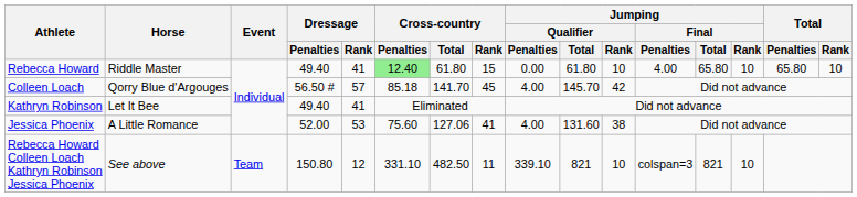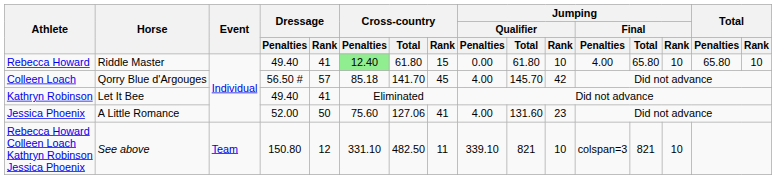 <table class=wikitable style="font-size:90%">
 <tr>
 <th rowspan="3">Athlete</th>
 <th rowspan="3">Horse</th>
 <th rowspan="3">Event</th>
 <th colspan="2" rowspan="2">Dressage</th>
 <th colspan="3" rowspan="2">Cross-country</th>
 <th colspan="6">Jumping</th>
 <th colspan="2" rowspan="2">Total</th>
 </tr>
 <tr style="font-size:95%">
 <th colspan="3">Qualifier</th>
 <th colspan="3">Final</th>
 </tr>
 <tr style="font-size:95%">
 <th>Penalties</th>
 <th>Rank</th>
 <th>Penalties</th>
 <th>Total</th>
 <th>Rank</th>
 <th>Penalties</th>
 <th>Total</th>
 <th>Rank</th>
 <th>Penalties</th>
 <th>Total</th>
 <th>Rank</th>
 <th>Penalties</th>
 <th>Rank</th>
 </tr>
 <tr align=center>
 <td align=left><a href='#'>Rebecca Howard</a></td>
 <td align=left>Riddle Master</td>
 <td align=left rowspan=4><a href='#'>Individual</a></td>
 <td>49.40</td>
 <td>41</td>
 <td style="background: lightgreen;">12.40</td>
 <td>61.80</td>
 <td>15</td>
 <td>0.00</td>
 <td>61.80</td>
 <td>10</td>
 <td>4.00</td>
 <td>65.80</td>
 <td>10</td>
 <td>65.80</td>
 <td>10</td>
 </tr>
 <tr align=center>
 <td align=left><a href='#'>Colleen Loach</a></td>
 <td align=left>Qorry Blue d'Argouges</td>
 <td>56.50 #</td>
 <td>57</td>
 <td>85.18</td>
 <td>141.70</td>
 <td>45</td>
 <td>4.00</td>
 <td>145.70</td>
 <td>42</td>
 <td colspan=5>Did not advance</td>
 </tr>
 <tr align=center>
 <td align=left><a href='#'>Kathryn Robinson</a></td>
 <td align=left>Let It Bee</td>
 <td>49.40</td>
 <td>41</td>
 <td colspan=3>Eliminated</td>
 <td colspan=8>Did not advance</td>
 </tr>
 <tr align=center>
 <td align=left><a href='#'>Jessica Phoenix</a></td>
 <td align=left>A Little Romance</td>
 <td>52.00</td>
-<td>53</td>
+<td>50</td>
 <td>75.60</td>
 <td>127.06</td>
 <td>41</td>
 <td>4.00</td>
 <td>131.60</td>
-<td>38</td>
+<td>23</td>
 <td colspan=5>Did not advance</td>
 </tr>
 <tr align=center>
 <td align=left><a href='#'>Rebecca Howard</a><br><a href='#'>Colleen Loach</a><br><a href='#'>Kathryn Robinson</a><br><a href='#'>Jessica Phoenix</a></td>
 <td align=left><em>See above</em></td>
 <td align=left><a href='#'>Team</a></td>
 <td>150.80</td>
 <td>12</td>
 <td>331.10</td>
 <td>482.50</td>
 <td>11</td>
 <td>339.10</td>
 <td>821</td>
 <td>10</td>
 <td>colspan=3 </td>
 <td>821</td>
 <td>10</td>
 </tr>
 </table>
